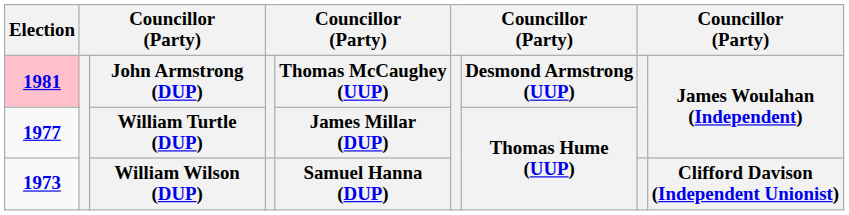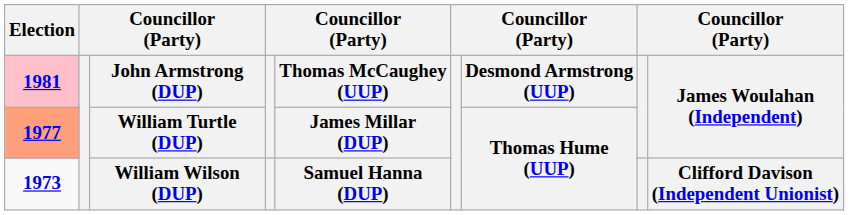 <table class="wikitable" style="text-align:center">
 <tr>
 <th scope="col" width="50">Election</th>
 <th scope="col" width="150" colspan = "2">Councillor<br> (Party)</th>
 <th scope="col" width="150" colspan = "2">Councillor<br> (Party)</th>
 <th scope="col" width="150" colspan = "2">Councillor<br> (Party)</th>
 <th scope="col" width="150" colspan = "2">Councillor<br> (Party)</th>
 </tr>
 <tr>
 <td style="background: pink;"><strong><a href='#'>1981</a></strong></td>
 <th rowspan="3" width="1" style="background-color: "></th>
 <th rowspan = "1">John Armstrong <br> (<a href='#'>DUP</a>)</th>
 <th rowspan="2" width="1" style="background-color: "></th>
 <th rowspan = "1">Thomas McCaughey <br> (<a href='#'>UUP</a>)</th>
 <th rowspan="3" width="1" style="background-color: "></th>
 <th rowspan = "1">Desmond Armstrong <br> (<a href='#'>UUP</a>)</th>
 <th rowspan="2" width="1" style="background-color: "></th>
 <th rowspan = "2">James Woulahan <br> (<a href='#'>Independent</a>)</th>
 </tr>
 <tr>
-<td><strong><a href='#'>1977</a></strong></td>
+<td style="background: lightsalmon;"><strong><a href='#'>1977</a></strong></td>
 <th rowspan = "1">William Turtle <br> (<a href='#'>DUP</a>)</th>
 <th rowspan = "1">James Millar <br> (<a href='#'>DUP</a>)</th>
 <th rowspan = "2">Thomas Hume <br> (<a href='#'>UUP</a>)</th>
 </tr>
 <tr>
 <td><strong><a href='#'>1973</a></strong></td>
 <th rowspan = "1">William Wilson <br> (<a href='#'>DUP</a>)</th>
 <th rowspan="1" width="1" style="background-color: "></th>
 <th rowspan = "1">Samuel Hanna <br> (<a href='#'>DUP</a>)</th>
 <th rowspan="1" width="1" style="background-color: "></th>
 <th rowspan = "1">Clifford Davison <br> (<a href='#'>Independent Unionist</a>)</th>
 </tr>
 </table>
